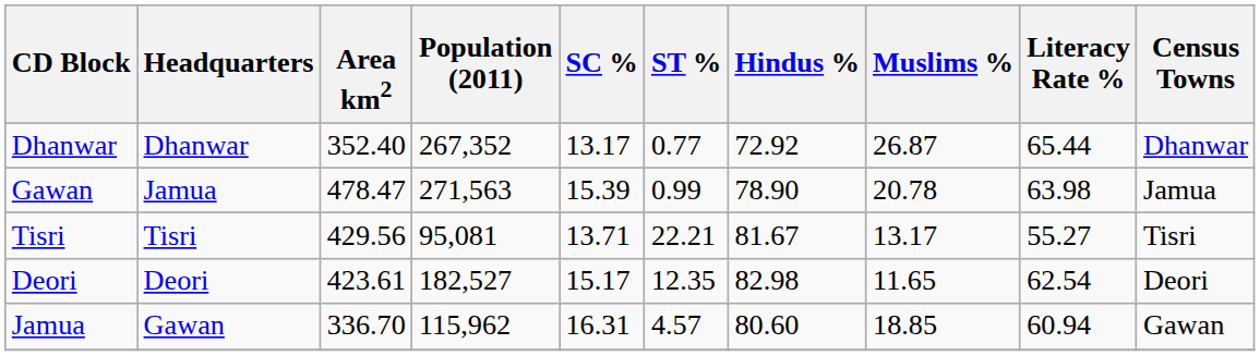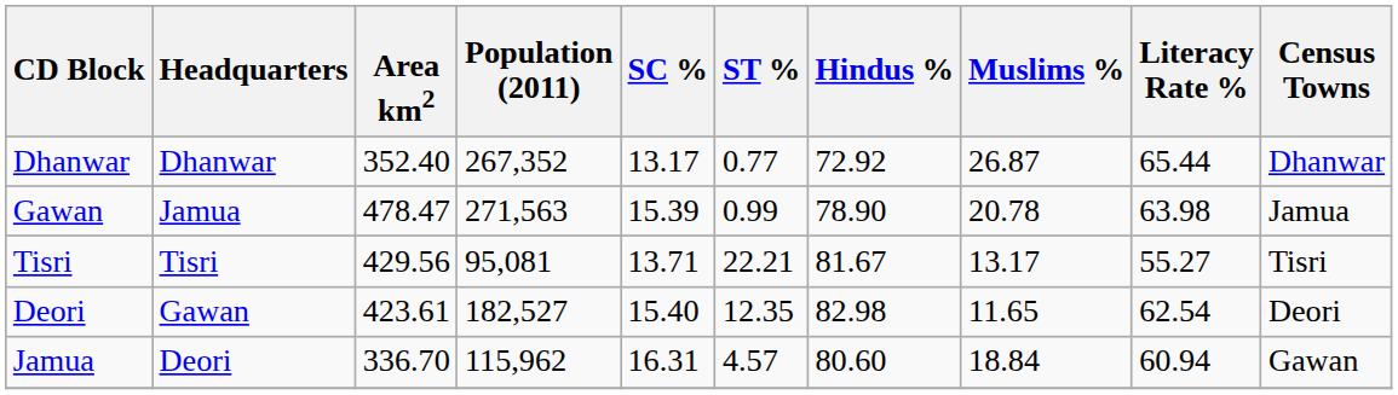 <table class="wikitable sortable">
 <tr>
 <th>CD Block</th>
 <th>Headquarters</th>
 <th><br>Area<br>km<sup>2</sup></th>
 <th>Population<br>(2011)</th>
 <th><a href='#'>SC</a> %</th>
 <th><a href='#'>ST</a> %</th>
 <th><a href='#'>Hindus</a> %</th>
 <th><a href='#'>Muslims</a> %</th>
 <th>Literacy<br> Rate %</th>
 <th>Census<br>Towns</th>
 </tr>
 <tr>
 <td><a href='#'>Dhanwar</a></td>
 <td><a href='#'>Dhanwar</a></td>
 <td>352.40</td>
 <td>267,352</td>
 <td>13.17</td>
 <td>0.77</td>
 <td>72.92</td>
 <td>26.87</td>
 <td>65.44</td>
 <td><a href='#'>Dhanwar</a></td>
 </tr>
 <tr>
 <td><a href='#'>Gawan</a></td>
 <td><a href='#'>Jamua</a></td>
 <td>478.47</td>
 <td>271,563</td>
 <td>15.39</td>
 <td>0.99</td>
 <td>78.90</td>
 <td>20.78</td>
 <td>63.98</td>
 <td>Jamua</td>
 </tr>
 <tr>
 <td><a href='#'>Tisri</a></td>
 <td><a href='#'>Tisri</a></td>
 <td>429.56</td>
 <td>95,081</td>
 <td>13.71</td>
 <td>22.21</td>
 <td>81.67</td>
 <td>13.17</td>
 <td>55.27</td>
 <td>Tisri</td>
 </tr>
 <tr>
 <td><a href='#'>Deori</a></td>
-<td><a href='#'>Deori</a></td>
+<td><a href='#'>Gawan</a></td>
 <td>423.61</td>
 <td>182,527</td>
-<td>15.17</td>
+<td>15.40</td>
 <td>12.35</td>
 <td>82.98</td>
 <td>11.65</td>
 <td>62.54</td>
 <td>Deori</td>
 </tr>
 <tr>
 <td><a href='#'>Jamua</a></td>
-<td><a href='#'>Gawan</a></td>
+<td><a href='#'>Deori</a></td>
 <td>336.70</td>
 <td>115,962</td>
 <td>16.31</td>
 <td>4.57</td>
 <td>80.60</td>
-<td>18.85</td>
+<td>18.84</td>
 <td>60.94</td>
 <td>Gawan</td>
 </tr>
 <tr>
 </tr>
 </table>
